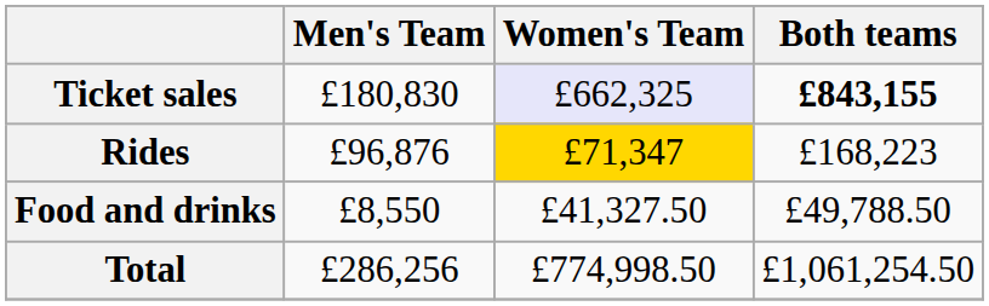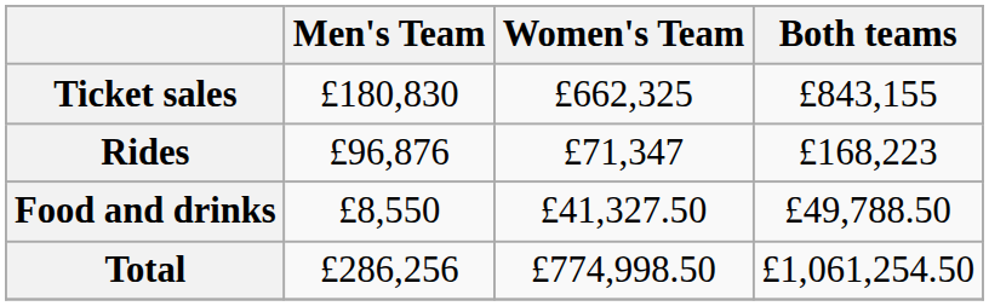 <table class="wikitable">
 <tr>
 <th></th>
 <th>Men's Team</th>
 <th>Women's Team</th>
 <th>Both teams</th>
 </tr>
 <tr>
 <th>Ticket sales</th>
 <td align="center">£180,830</td>
-<td align="center" style="background: lavender;">£662,325</td>
-<td align="center"><strong>£843,155</strong></td>
+<td align="center">£662,325</td>
+<td align="center">£843,155</td>
 </tr>
 <tr>
 <th>Rides</th>
 <td align="center">£96,876</td>
-<td align="center" style="background: gold;">£71,347</td>
+<td align="center">£71,347</td>
 <td align="center">£168,223</td>
 </tr>
 <tr>
 <th>Food and drinks</th>
 <td align="center">£8,550</td>
 <td align="center">£41,327.50</td>
 <td align="center">£49,788.50</td>
 </tr>
 <tr>
 <th>Total</th>
 <td align="center"><span>£286,256</span></td>
 <td align="center"><span>£774,998.50</span></td>
 <td align="center"><span>£1,061,254.50</span></td>
 </tr>
 <tr>
 </tr>
 </table>
